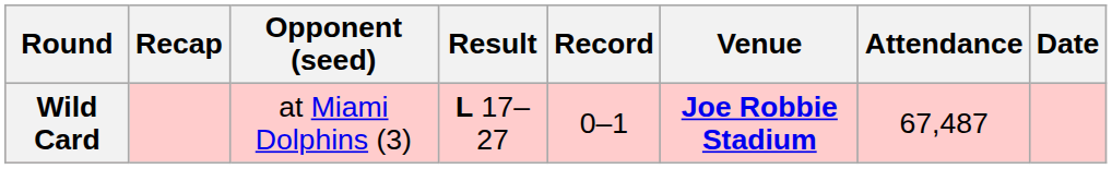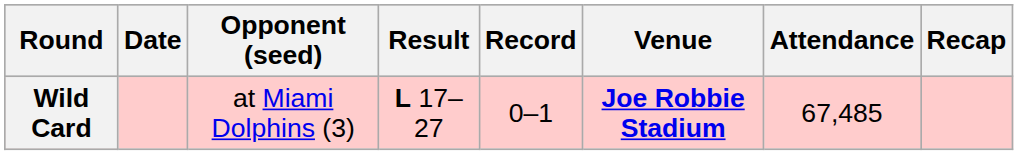 <table class="wikitable" style="text-align:center">
 <tr>
 <th>Round</th>
-<th>Recap</th>
+<th>Date</th>
 <th>Opponent (seed)</th>
 <th>Result</th>
 <th>Record</th>
 <th>Venue</th>
 <th>Attendance</th>
-<th>Date</th>
+<th>Recap</th>
 </tr>
 <tr style="background:#fcc">
 <th>Wild Card</th>
 <td></td>
 <td>at <a href='#'>Miami Dolphins</a> (3)</td>
 <td><strong>L</strong> 17–27</td>
 <td>0–1</td>
 <td><strong><a href='#'>Joe Robbie Stadium</a></strong></td>
-<td>67,487</td>
+<td>67,485</td>
 <td></td>
 </tr>
 </table>
